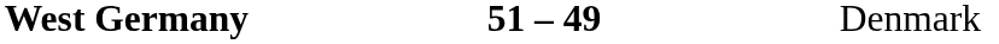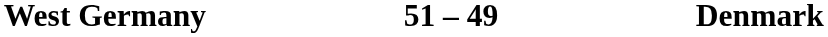 <table width=75% cellspacing=1>
 <tr>
 <th width=25%></th>
 <th width=25%></th>
 <th width=25%></th>
 </tr>
 <tr style=font-size:90%>
 <td align=right><strong>West Germany</strong></td>
 <td align=center><strong>51 – 49</strong></td>
-<td>Denmark</td>
+<td><strong>Denmark</strong></td>
 </tr>
 </table>
